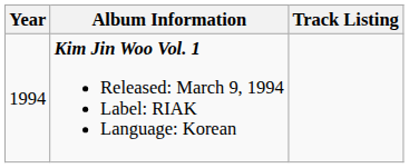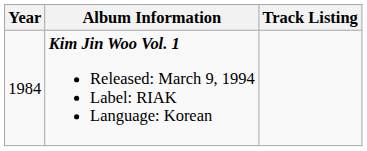 <table class="wikitable">
 <tr>
 <th>Year</th>
 <th>Album Information</th>
 <th>Track Listing</th>
 </tr>
 <tr>
-<td>1994</td>
+<td>1984</td>
 <td><strong><em>Kim Jin Woo Vol. 1</em></strong><br><ul><li>Released: March 9, 1994</li><li>Label: RIAK</li><li>Language: Korean</li></ul></td>
 <td></td>
 </tr>
 </table>
